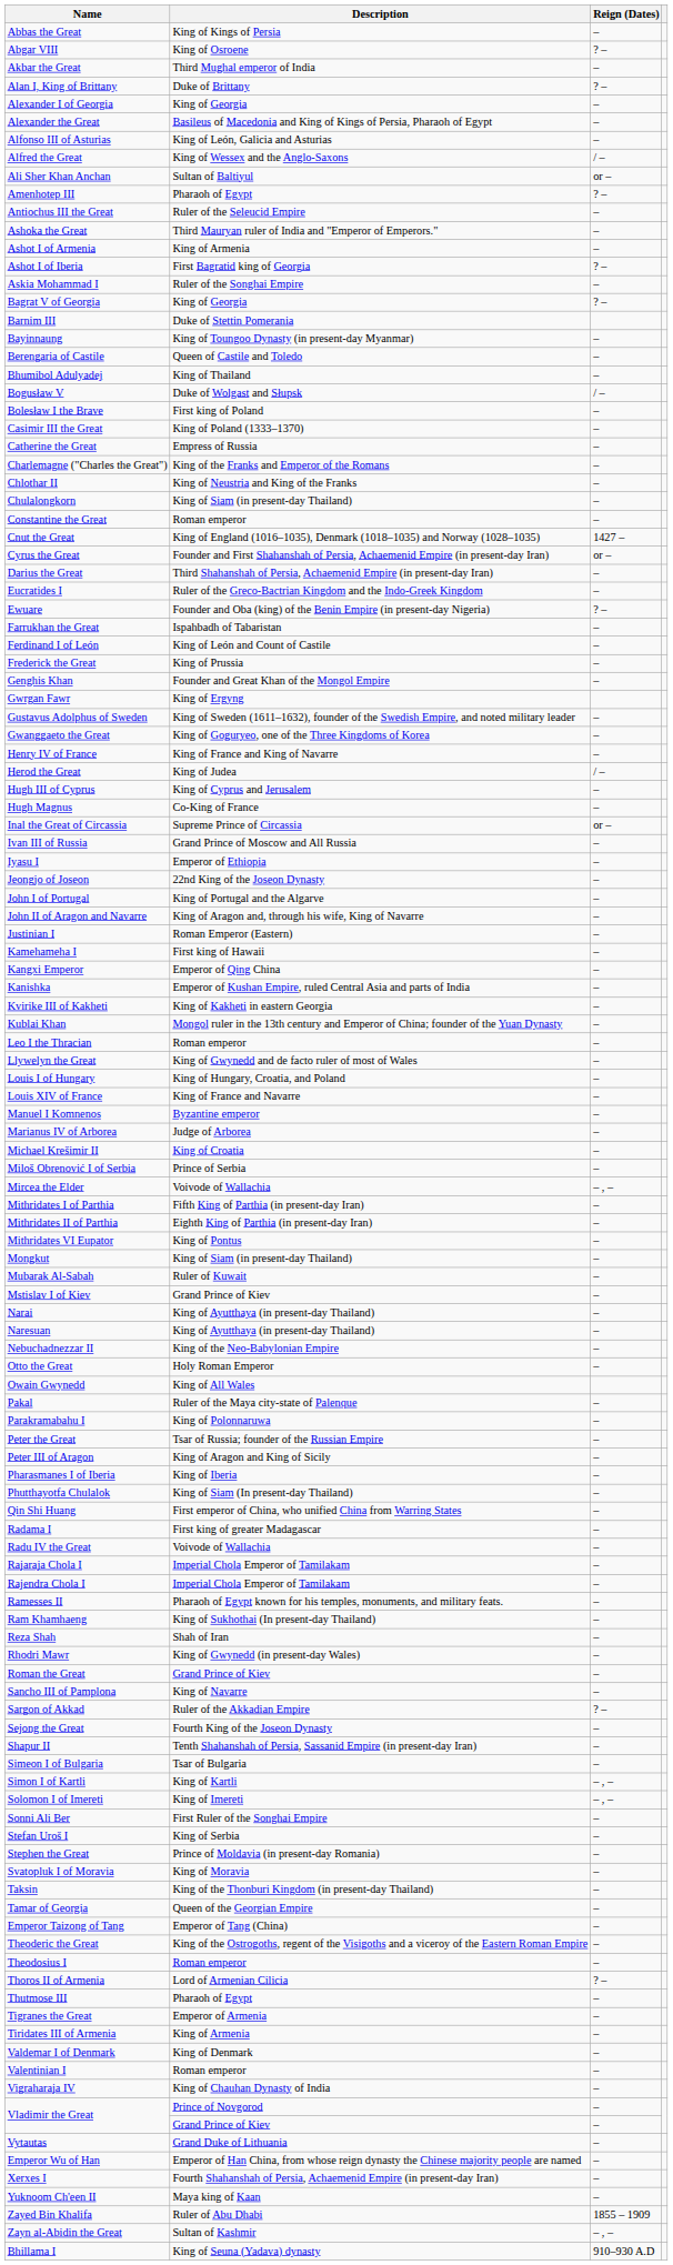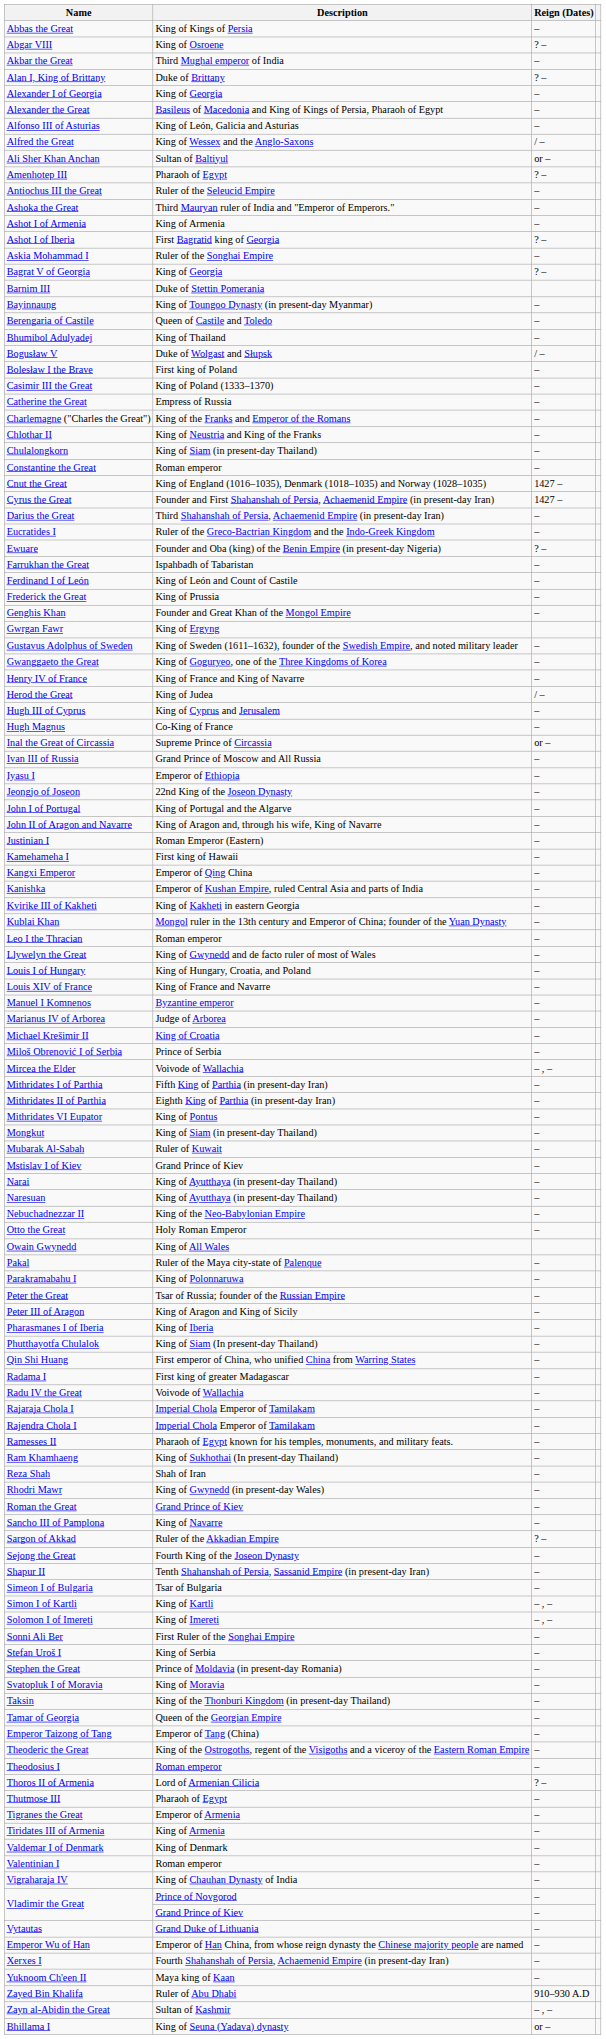 <table class="wikitable sortable">
 <tr>
 <th>Name</th>
 <th>Description</th>
 <th>Reign (Dates)</th>
 <th class="unsortable"></th>
 </tr>
 <tr>
 <td><a href='#'>Abbas the Great</a></td>
 <td>King of Kings of <a href='#'>Persia</a></td>
 <td> – </td>
 <td></td>
 </tr>
 <tr>
 <td><a href='#'>Abgar VIII</a></td>
 <td>King of <a href='#'>Osroene</a></td>
 <td>? – </td>
 <td></td>
 </tr>
 <tr>
 <td><a href='#'>Akbar the Great</a></td>
 <td>Third <a href='#'>Mughal emperor</a> of India</td>
 <td> – </td>
 <td></td>
 </tr>
 <tr>
 <td><a href='#'>Alan I, King of Brittany</a></td>
 <td>Duke of <a href='#'>Brittany</a></td>
 <td>? – </td>
 <td></td>
 </tr>
 <tr>
 <td><a href='#'>Alexander I of Georgia</a></td>
 <td>King of <a href='#'>Georgia</a></td>
 <td> – </td>
 <td></td>
 </tr>
 <tr>
 <td><a href='#'>Alexander the Great</a></td>
 <td><a href='#'>Basileus</a> of <a href='#'>Macedonia</a> and King of Kings of Persia, Pharaoh of Egypt</td>
 <td> – </td>
 <td></td>
 </tr>
 <tr>
 <td><a href='#'>Alfonso III of Asturias</a></td>
 <td>King of León, Galicia and Asturias</td>
 <td> – </td>
 <td></td>
 </tr>
 <tr>
 <td><a href='#'>Alfred the Great</a></td>
 <td>King of <a href='#'>Wessex</a> and the <a href='#'>Anglo-Saxons</a></td>
 <td>/ – </td>
 <td></td>
 </tr>
 <tr>
 <td><a href='#'>Ali Sher Khan Anchan</a></td>
 <td>Sultan of <a href='#'>Baltiyul</a></td>
 <td> or  – </td>
 <td></td>
 </tr>
 <tr>
 <td><a href='#'>Amenhotep III</a></td>
 <td>Pharaoh of <a href='#'>Egypt</a></td>
 <td>? – </td>
 <td></td>
 </tr>
 <tr>
 <td><a href='#'>Antiochus III the Great</a></td>
 <td>Ruler of the <a href='#'>Seleucid Empire</a></td>
 <td> – </td>
 <td></td>
 </tr>
 <tr>
 <td><a href='#'>Ashoka the Great</a></td>
 <td>Third <a href='#'>Mauryan</a> ruler of India and "Emperor of Emperors."</td>
 <td> – </td>
 <td></td>
 </tr>
 <tr>
 <td><a href='#'>Ashot I of Armenia</a></td>
 <td>King of Armenia</td>
 <td> – </td>
 <td></td>
 </tr>
 <tr>
 <td><a href='#'>Ashot I of Iberia</a></td>
 <td>First <a href='#'>Bagratid</a> king of <a href='#'>Georgia</a></td>
 <td>? – </td>
 <td></td>
 </tr>
 <tr>
 <td><a href='#'>Askia Mohammad I</a></td>
 <td>Ruler of the <a href='#'>Songhai Empire</a></td>
 <td> – </td>
 <td></td>
 </tr>
 <tr>
 <td><a href='#'>Bagrat V of Georgia</a></td>
 <td>King of <a href='#'>Georgia</a></td>
 <td>? – </td>
 <td></td>
 </tr>
 <tr>
 <td><a href='#'>Barnim III</a></td>
 <td>Duke of <a href='#'>Stettin Pomerania</a></td>
 <td></td>
 <td></td>
 </tr>
 <tr>
 <td><a href='#'>Bayinnaung</a></td>
 <td>King of <a href='#'>Toungoo Dynasty</a> (in present-day Myanmar)</td>
 <td> – </td>
 <td></td>
 </tr>
 <tr>
 <td><a href='#'>Berengaria of Castile</a></td>
 <td>Queen of <a href='#'>Castile</a> and <a href='#'>Toledo</a></td>
 <td> – </td>
 <td></td>
 </tr>
 <tr>
 <td><a href='#'>Bhumibol Adulyadej</a></td>
 <td>King of Thailand</td>
 <td> – </td>
 <td></td>
 </tr>
 <tr>
 <td><a href='#'>Bogusław V</a></td>
 <td>Duke of <a href='#'>Wolgast</a> and <a href='#'>Słupsk</a></td>
 <td>/ – </td>
 <td></td>
 </tr>
 <tr>
 <td><a href='#'>Bolesław I the Brave</a></td>
 <td>First king of Poland</td>
 <td> – </td>
 <td></td>
 </tr>
 <tr>
 <td><a href='#'>Casimir III the Great</a></td>
 <td>King of Poland (1333–1370)</td>
 <td> – </td>
 <td></td>
 </tr>
 <tr>
 <td><a href='#'>Catherine the Great</a></td>
 <td>Empress of Russia</td>
 <td> – </td>
 <td></td>
 </tr>
 <tr>
 <td><a href='#'>Charlemagne</a> ("Charles the Great")</td>
 <td>King of the <a href='#'>Franks</a> and <a href='#'>Emperor of the Romans</a></td>
 <td> – </td>
 <td></td>
 </tr>
 <tr>
 <td><a href='#'>Chlothar II</a></td>
 <td>King of <a href='#'>Neustria</a> and King of the Franks</td>
 <td> – </td>
 <td></td>
 </tr>
 <tr>
 <td><a href='#'>Chulalongkorn</a></td>
 <td>King of <a href='#'>Siam</a> (in present-day Thailand)</td>
 <td> – </td>
 <td></td>
 </tr>
 <tr>
 <td><a href='#'>Constantine the Great</a></td>
 <td>Roman emperor</td>
 <td> – </td>
 <td></td>
 </tr>
 <tr>
 <td><a href='#'>Cnut the Great</a></td>
 <td>King of England (1016–1035), Denmark (1018–1035) and Norway (1028–1035)</td>
 <td> 1427 – </td>
 <td></td>
 </tr>
 <tr>
 <td><a href='#'>Cyrus the Great</a></td>
 <td>Founder and First <a href='#'>Shahanshah of Persia</a>, <a href='#'>Achaemenid Empire</a> (in present-day Iran)</td>
-<td> or  – </td>
+<td> 1427 – </td>
 <td></td>
 </tr>
 <tr>
 <td><a href='#'>Darius the Great</a></td>
 <td>Third <a href='#'>Shahanshah of Persia</a>, <a href='#'>Achaemenid Empire</a> (in present-day Iran)</td>
 <td> – </td>
 <td></td>
 </tr>
 <tr>
 <td><a href='#'>Eucratides I</a></td>
 <td>Ruler of the <a href='#'>Greco-Bactrian Kingdom</a> and the <a href='#'>Indo-Greek Kingdom</a></td>
 <td> – </td>
 <td></td>
 </tr>
 <tr>
 <td><a href='#'>Ewuare</a></td>
 <td>Founder and Oba (king) of the <a href='#'>Benin Empire</a> (in present-day Nigeria)</td>
 <td>? – </td>
 <td></td>
 </tr>
 <tr>
 <td><a href='#'>Farrukhan the Great</a></td>
 <td>Ispahbadh of Tabaristan</td>
 <td> – </td>
 <td></td>
 </tr>
 <tr>
 <td><a href='#'>Ferdinand I of León</a></td>
 <td>King of León and Count of Castile</td>
 <td> – </td>
 <td></td>
 </tr>
 <tr>
 <td><a href='#'>Frederick the Great</a></td>
 <td>King of Prussia</td>
 <td> – </td>
 <td></td>
 </tr>
 <tr>
 <td><a href='#'>Genghis Khan</a></td>
 <td>Founder and Great Khan of the <a href='#'>Mongol Empire</a></td>
 <td> – </td>
 <td></td>
 </tr>
 <tr>
 <td><a href='#'>Gwrgan Fawr</a></td>
 <td>King of <a href='#'>Ergyng</a></td>
 <td></td>
 <td></td>
 </tr>
 <tr>
 <td><a href='#'>Gustavus Adolphus of Sweden</a></td>
 <td>King of Sweden (1611–1632), founder of the <a href='#'>Swedish Empire</a>, and noted military leader</td>
 <td> – </td>
 <td></td>
 </tr>
 <tr>
 <td><a href='#'>Gwanggaeto the Great</a></td>
 <td>King of <a href='#'>Goguryeo</a>, one of the <a href='#'>Three Kingdoms of Korea</a></td>
 <td> – </td>
 <td></td>
 </tr>
 <tr>
 <td><a href='#'>Henry IV of France</a></td>
 <td>King of France and King of Navarre</td>
 <td> – </td>
 <td></td>
 </tr>
 <tr>
 <td><a href='#'>Herod the Great</a></td>
 <td>King of Judea</td>
 <td>/ – </td>
 <td></td>
 </tr>
 <tr>
 <td><a href='#'>Hugh III of Cyprus</a></td>
 <td>King of <a href='#'>Cyprus</a> and <a href='#'>Jerusalem</a></td>
 <td> – </td>
 <td></td>
 </tr>
 <tr>
 <td><a href='#'>Hugh Magnus</a></td>
 <td>Co-King of France</td>
 <td> – </td>
 <td></td>
 </tr>
 <tr>
 <td><a href='#'>Inal the Great of Circassia</a></td>
 <td>Supreme Prince of <a href='#'>Circassia</a></td>
 <td> or  – </td>
 <td></td>
 </tr>
 <tr>
 <td><a href='#'>Ivan III of Russia</a></td>
 <td>Grand Prince of Moscow and All Russia</td>
 <td> – </td>
 <td></td>
 </tr>
 <tr>
 <td><a href='#'>Iyasu I</a></td>
 <td>Emperor of <a href='#'>Ethiopia</a></td>
 <td> – </td>
 <td></td>
 </tr>
 <tr>
 <td><a href='#'>Jeongjo of Joseon</a></td>
 <td>22nd King of the <a href='#'>Joseon Dynasty</a></td>
 <td> – </td>
 <td></td>
 </tr>
 <tr>
 <td><a href='#'>John I of Portugal</a></td>
 <td>King of Portugal and the Algarve</td>
 <td> – </td>
 <td></td>
 </tr>
 <tr>
 <td><a href='#'>John II of Aragon and Navarre</a></td>
 <td>King of Aragon and, through his wife, King of Navarre</td>
 <td> – </td>
 <td></td>
 </tr>
 <tr>
 <td><a href='#'>Justinian I</a></td>
 <td>Roman Emperor (Eastern)</td>
 <td> – </td>
 <td></td>
 </tr>
 <tr>
 <td><a href='#'>Kamehameha I</a></td>
 <td>First king of Hawaii</td>
 <td> – </td>
 <td></td>
 </tr>
 <tr>
 <td><a href='#'>Kangxi Emperor</a></td>
 <td>Emperor of <a href='#'>Qing</a> China</td>
 <td> – </td>
 <td></td>
 </tr>
 <tr>
 <td><a href='#'>Kanishka</a></td>
 <td>Emperor of <a href='#'>Kushan Empire</a>, ruled Central Asia and parts of India</td>
 <td> – </td>
 <td></td>
 </tr>
 <tr>
 <td><a href='#'>Kvirike III of Kakheti</a></td>
 <td>King of <a href='#'>Kakheti</a> in eastern Georgia</td>
 <td> – </td>
 <td></td>
 </tr>
 <tr>
 <td><a href='#'>Kublai Khan</a></td>
 <td><a href='#'>Mongol</a> ruler in the 13th century and Emperor of China; founder of the <a href='#'>Yuan Dynasty</a></td>
 <td> – </td>
 <td></td>
 </tr>
 <tr>
 <td><a href='#'>Leo I the Thracian</a></td>
 <td>Roman emperor</td>
 <td> – </td>
 <td></td>
 </tr>
 <tr>
 <td><a href='#'>Llywelyn the Great</a></td>
 <td>King of <a href='#'>Gwynedd</a> and de facto ruler of most of Wales</td>
 <td> – </td>
 <td></td>
 </tr>
 <tr>
 <td><a href='#'>Louis I of Hungary</a></td>
 <td>King of Hungary, Croatia, and Poland</td>
 <td> – </td>
 <td></td>
 </tr>
 <tr>
 <td><a href='#'>Louis XIV of France</a></td>
 <td>King of France and Navarre</td>
 <td> – </td>
 <td></td>
 </tr>
 <tr>
 <td><a href='#'>Manuel I Komnenos</a></td>
 <td><a href='#'>Byzantine emperor</a></td>
 <td> – </td>
 <td></td>
 </tr>
 <tr>
 <td><a href='#'>Marianus IV of Arborea</a></td>
 <td>Judge of <a href='#'>Arborea</a></td>
 <td> – </td>
 <td></td>
 </tr>
 <tr>
 <td><a href='#'>Michael Krešimir II</a></td>
 <td><a href='#'>King of Croatia</a></td>
 <td> – </td>
 <td></td>
 </tr>
 <tr>
 <td><a href='#'>Miloš Obrenović I of Serbia</a></td>
 <td>Prince of Serbia</td>
 <td> – </td>
 <td></td>
 </tr>
 <tr>
 <td><a href='#'>Mircea the Elder</a></td>
 <td>Voivode of <a href='#'>Wallachia</a></td>
 <td> – ,  – </td>
 <td></td>
 </tr>
 <tr>
 <td><a href='#'>Mithridates I of Parthia</a></td>
 <td>Fifth <a href='#'>King</a> of <a href='#'>Parthia</a>  (in present-day Iran)</td>
 <td> – </td>
 <td></td>
 </tr>
 <tr>
 <td><a href='#'>Mithridates II of Parthia</a></td>
 <td>Eighth <a href='#'>King</a> of <a href='#'>Parthia</a> (in present-day Iran)</td>
 <td> – </td>
 <td></td>
 </tr>
 <tr>
 <td><a href='#'>Mithridates VI Eupator</a></td>
 <td>King of <a href='#'>Pontus</a></td>
 <td> – </td>
 <td></td>
 </tr>
 <tr>
 <td><a href='#'>Mongkut</a></td>
 <td>King of <a href='#'>Siam</a> (in present-day Thailand)</td>
 <td> – </td>
 <td></td>
 </tr>
 <tr>
 <td><a href='#'>Mubarak Al-Sabah</a></td>
 <td>Ruler of <a href='#'>Kuwait</a></td>
 <td> – </td>
 <td></td>
 </tr>
 <tr>
 <td><a href='#'>Mstislav I of Kiev</a></td>
 <td>Grand Prince of Kiev</td>
 <td> – </td>
 <td></td>
 </tr>
 <tr>
 <td><a href='#'>Narai</a></td>
 <td>King of <a href='#'>Ayutthaya</a> (in present-day Thailand)</td>
 <td> – </td>
 <td></td>
 </tr>
 <tr>
 <td><a href='#'>Naresuan</a></td>
 <td>King of <a href='#'>Ayutthaya</a> (in present-day Thailand)</td>
 <td> – </td>
 <td></td>
 </tr>
 <tr>
 <td><a href='#'>Nebuchadnezzar II</a></td>
 <td>King of the <a href='#'>Neo-Babylonian Empire</a></td>
 <td> – </td>
 <td></td>
 </tr>
 <tr>
 <td><a href='#'>Otto the Great</a></td>
 <td>Holy Roman Emperor</td>
 <td> – </td>
 <td></td>
 </tr>
 <tr>
 <td><a href='#'>Owain Gwynedd</a></td>
 <td>King of <a href='#'>All Wales</a></td>
 <td></td>
 <td></td>
 </tr>
 <tr>
 <td><a href='#'>Pakal</a></td>
 <td>Ruler of the Maya city-state of <a href='#'>Palenque</a></td>
 <td> – </td>
 <td></td>
 </tr>
 <tr>
 <td><a href='#'>Parakramabahu I</a></td>
 <td>King of <a href='#'>Polonnaruwa</a></td>
 <td> – </td>
 <td></td>
 </tr>
 <tr>
 <td><a href='#'>Peter the Great</a></td>
 <td>Tsar of Russia; founder of the <a href='#'>Russian Empire</a></td>
 <td> – </td>
 <td></td>
 </tr>
 <tr>
 <td><a href='#'>Peter III of Aragon</a></td>
 <td>King of Aragon and King of Sicily</td>
 <td> – </td>
 <td></td>
 </tr>
 <tr>
 <td><a href='#'>Pharasmanes I of Iberia</a></td>
 <td>King of <a href='#'>Iberia</a></td>
 <td> – </td>
 <td></td>
 </tr>
 <tr>
 <td><a href='#'>Phutthayotfa Chulalok</a></td>
 <td>King of <a href='#'>Siam</a> (In present-day Thailand)</td>
 <td> – </td>
 <td></td>
 </tr>
 <tr>
 <td><a href='#'>Qin Shi Huang</a></td>
 <td>First emperor of China, who unified <a href='#'>China</a> from <a href='#'>Warring States</a></td>
 <td> – </td>
 <td></td>
 </tr>
 <tr>
 <td><a href='#'>Radama I</a></td>
 <td>First king of greater Madagascar</td>
 <td> – </td>
 <td></td>
 </tr>
 <tr>
 <td><a href='#'>Radu IV the Great</a></td>
 <td>Voivode of <a href='#'>Wallachia</a></td>
 <td> – </td>
 <td></td>
 </tr>
 <tr>
 <td><a href='#'>Rajaraja Chola I</a></td>
 <td><a href='#'>Imperial Chola</a> Emperor of <a href='#'>Tamilakam</a></td>
 <td> – </td>
 <td></td>
 </tr>
 <tr>
 <td><a href='#'>Rajendra Chola I</a></td>
 <td><a href='#'>Imperial Chola</a> Emperor of <a href='#'>Tamilakam</a></td>
 <td> – </td>
 </tr>
 <tr>
 <td><a href='#'>Ramesses II</a></td>
 <td>Pharaoh of <a href='#'>Egypt</a> known for his temples, monuments, and military feats.</td>
 <td> – </td>
 <td></td>
 </tr>
 <tr>
 <td><a href='#'>Ram Khamhaeng</a></td>
 <td>King of <a href='#'>Sukhothai</a> (In present-day Thailand)</td>
 <td> – </td>
 <td></td>
 </tr>
 <tr>
 <td><a href='#'>Reza Shah</a></td>
 <td>Shah of Iran</td>
 <td> – </td>
 <td></td>
 </tr>
 <tr>
 <td><a href='#'>Rhodri Mawr</a></td>
 <td>King of <a href='#'>Gwynedd</a> (in present-day Wales)</td>
 <td> – </td>
 <td></td>
 </tr>
 <tr>
 <td><a href='#'>Roman the Great</a></td>
 <td><a href='#'>Grand Prince of Kiev</a></td>
 <td> – </td>
 <td></td>
 </tr>
 <tr>
 <td><a href='#'>Sancho III of Pamplona</a></td>
 <td>King of <a href='#'>Navarre</a></td>
 <td> – </td>
 <td></td>
 </tr>
 <tr>
 <td><a href='#'>Sargon of Akkad</a></td>
 <td>Ruler of the <a href='#'>Akkadian Empire</a></td>
 <td>? – </td>
 <td></td>
 </tr>
 <tr>
 <td><a href='#'>Sejong the Great</a></td>
 <td>Fourth King of the <a href='#'>Joseon Dynasty</a></td>
 <td> – </td>
 <td></td>
 </tr>
 <tr>
 <td><a href='#'>Shapur II</a></td>
 <td>Tenth <a href='#'>Shahanshah of Persia</a>, <a href='#'>Sassanid Empire</a> (in present-day Iran)</td>
 <td> – </td>
 <td></td>
 </tr>
 <tr>
 <td><a href='#'>Simeon I of Bulgaria</a></td>
 <td>Tsar of Bulgaria</td>
 <td> – </td>
 <td></td>
 </tr>
 <tr>
 <td><a href='#'>Simon I of Kartli</a></td>
 <td>King of <a href='#'>Kartli</a></td>
 <td> – ,  – </td>
 <td></td>
 </tr>
 <tr>
 <td><a href='#'>Solomon I of Imereti</a></td>
 <td>King of <a href='#'>Imereti</a></td>
 <td> – ,  – </td>
 <td></td>
 </tr>
 <tr>
 <td><a href='#'>Sonni Ali Ber</a></td>
 <td>First Ruler of the <a href='#'>Songhai Empire</a></td>
 <td> – </td>
 <td></td>
 </tr>
 <tr>
 <td><a href='#'>Stefan Uroš I</a></td>
 <td>King of Serbia</td>
 <td> – </td>
 <td></td>
 </tr>
 <tr>
 <td><a href='#'>Stephen the Great</a></td>
 <td>Prince of <a href='#'>Moldavia</a> (in present-day Romania)</td>
 <td> – </td>
 <td></td>
 </tr>
 <tr>
 <td><a href='#'>Svatopluk I of Moravia</a></td>
 <td>King of <a href='#'>Moravia</a></td>
 <td> – </td>
 <td></td>
 </tr>
 <tr>
 <td><a href='#'>Taksin</a></td>
 <td>King of the <a href='#'>Thonburi Kingdom</a> (in present-day Thailand)</td>
 <td> – </td>
 <td></td>
 </tr>
 <tr>
 <td><a href='#'>Tamar of Georgia</a></td>
 <td>Queen of the <a href='#'>Georgian Empire</a></td>
 <td> – </td>
 <td></td>
 </tr>
 <tr>
 <td><a href='#'>Emperor Taizong of Tang</a></td>
 <td>Emperor of <a href='#'>Tang</a> (China)</td>
 <td> – </td>
 <td></td>
 </tr>
 <tr>
 <td><a href='#'>Theoderic the Great</a></td>
 <td>King of the <a href='#'>Ostrogoths</a>, regent of the <a href='#'>Visigoths</a> and a viceroy of the <a href='#'>Eastern Roman Empire</a></td>
 <td> – </td>
 <td></td>
 </tr>
 <tr>
 <td><a href='#'>Theodosius I</a></td>
 <td><a href='#'>Roman emperor</a></td>
 <td> – </td>
 <td></td>
 </tr>
 <tr>
 <td><a href='#'>Thoros II of Armenia</a></td>
 <td>Lord of <a href='#'>Armenian Cilicia</a></td>
 <td>? – </td>
 <td></td>
 </tr>
 <tr>
 <td><a href='#'>Thutmose III</a></td>
 <td>Pharaoh of <a href='#'>Egypt</a></td>
 <td> – </td>
 <td></td>
 </tr>
 <tr>
 <td><a href='#'>Tigranes the Great</a></td>
 <td>Emperor of <a href='#'>Armenia</a></td>
 <td> – </td>
 <td></td>
 </tr>
 <tr>
 <td><a href='#'>Tiridates III of Armenia</a></td>
 <td>King of <a href='#'>Armenia</a></td>
 <td> – </td>
 <td></td>
 </tr>
 <tr>
 <td><a href='#'>Valdemar I of Denmark</a></td>
 <td>King of Denmark</td>
 <td> – </td>
 <td></td>
 </tr>
 <tr>
 <td><a href='#'>Valentinian I</a></td>
 <td>Roman emperor</td>
 <td> – </td>
 <td></td>
 </tr>
 <tr>
 <td><a href='#'>Vigraharaja IV</a></td>
 <td>King of <a href='#'>Chauhan Dynasty</a> of India</td>
 <td> – </td>
 <td></td>
 </tr>
 <tr>
 <td rowspan="2"><a href='#'>Vladimir the Great</a></td>
 <td><a href='#'>Prince of Novgorod</a></td>
 <td> – </td>
 <td rowspan="2"></td>
 </tr>
 <tr>
 <td><a href='#'>Grand Prince of Kiev</a></td>
 <td> – </td>
 </tr>
 <tr>
 <td><a href='#'>Vytautas</a></td>
 <td><a href='#'>Grand Duke of Lithuania</a></td>
 <td> – </td>
 <td></td>
 </tr>
 <tr>
 <td><a href='#'>Emperor Wu of Han</a></td>
 <td>Emperor of <a href='#'>Han</a> China, from whose reign dynasty the <a href='#'>Chinese majority people</a> are named</td>
 <td> – </td>
 <td></td>
 </tr>
 <tr>
 <td><a href='#'>Xerxes I</a></td>
 <td>Fourth <a href='#'>Shahanshah of Persia</a>, <a href='#'>Achaemenid Empire</a> (in present-day Iran)</td>
 <td> – </td>
 <td></td>
 </tr>
 <tr>
 <td><a href='#'>Yuknoom Ch'een II</a></td>
 <td>Maya king of <a href='#'>Kaan</a></td>
 <td> – </td>
 <td></td>
 </tr>
 <tr>
 <td><a href='#'>Zayed Bin Khalifa</a></td>
 <td>Ruler of <a href='#'>Abu Dhabi</a></td>
-<td>1855 – 1909</td>
+<td>910–930 A.D</td>
 <td></td>
 </tr>
 <tr>
 <td><a href='#'>Zayn al-Abidin the Great</a></td>
 <td>Sultan of <a href='#'>Kashmir</a></td>
 <td> – ,  – </td>
 <td></td>
 </tr>
 <tr>
 <td><a href='#'>Bhillama I</a></td>
 <td>King of <a href='#'>Seuna (Yadava) dynasty</a></td>
-<td>910–930 A.D</td>
+<td> or  – </td>
 <td></td>
 </tr>
 </table>
